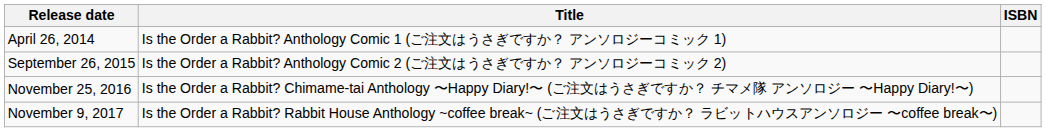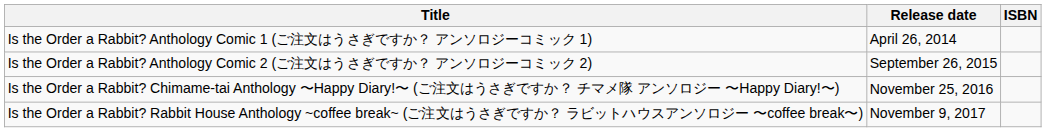 <table class="wikitable">
 <tr>
+<th>Title</th>
 <th>Release date</th>
-<th>Title</th>
 <th>ISBN</th>
 </tr>
 <tr>
+<td>Is the Order a Rabbit? Anthology Comic 1 (ご注文はうさぎですか？ アンソロジーコミック 1)</td>
 <td>April 26, 2014</td>
-<td>Is the Order a Rabbit? Anthology Comic 1 (ご注文はうさぎですか？ アンソロジーコミック 1)</td>
 <td></td>
 </tr>
 <tr>
+<td>Is the Order a Rabbit? Anthology Comic 2 (ご注文はうさぎですか？ アンソロジーコミック 2)</td>
 <td>September 26, 2015</td>
-<td>Is the Order a Rabbit? Anthology Comic 2 (ご注文はうさぎですか？ アンソロジーコミック 2)</td>
 <td></td>
 </tr>
 <tr>
+<td>Is the Order a Rabbit? Chimame-tai Anthology 〜Happy Diary!〜 (ご注文はうさぎですか？ チマメ隊 アンソロジー 〜Happy Diary!〜)</td>
 <td>November 25, 2016</td>
-<td>Is the Order a Rabbit? Chimame-tai Anthology 〜Happy Diary!〜 (ご注文はうさぎですか？ チマメ隊 アンソロジー 〜Happy Diary!〜)</td>
 <td></td>
 </tr>
 <tr>
+<td>Is the Order a Rabbit? Rabbit House Anthology ~coffee break~ (ご注文はうさぎですか？ ラビットハウスアンソロジー 〜coffee break〜)</td>
 <td>November 9, 2017</td>
-<td>Is the Order a Rabbit? Rabbit House Anthology ~coffee break~ (ご注文はうさぎですか？ ラビットハウスアンソロジー 〜coffee break〜)</td>
 <td></td>
 </tr>
 </table>
